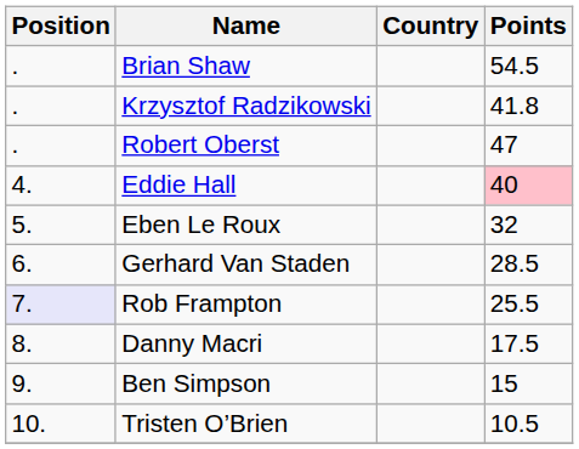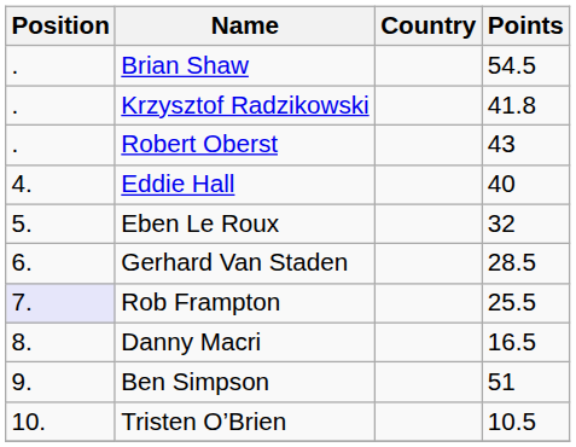 <table class="wikitable" style="display: inline-table">
 <tr>
 <th>Position</th>
 <th>Name</th>
 <th>Country</th>
 <th>Points</th>
 </tr>
 <tr>
 <td>.</td>
 <td><a href='#'>Brian Shaw</a></td>
 <td></td>
 <td>54.5</td>
 </tr>
 <tr>
 <td>.</td>
 <td><a href='#'>Krzysztof Radzikowski</a></td>
 <td></td>
 <td>41.8</td>
 </tr>
 <tr>
 <td>.</td>
 <td><a href='#'>Robert Oberst</a></td>
 <td></td>
-<td>47</td>
+<td>43</td>
 </tr>
 <tr>
 <td>4.</td>
 <td><a href='#'>Eddie Hall</a></td>
 <td></td>
-<td style="background: pink;">40</td>
+<td>40</td>
 </tr>
 <tr>
 <td>5.</td>
 <td>Eben Le Roux</td>
 <td></td>
 <td>32</td>
 </tr>
 <tr>
 <td>6.</td>
 <td>Gerhard Van Staden</td>
 <td></td>
 <td>28.5</td>
 </tr>
 <tr>
 <td style="background: lavender;">7.</td>
 <td>Rob Frampton</td>
 <td></td>
 <td>25.5</td>
 </tr>
 <tr>
 <td>8.</td>
 <td>Danny Macri</td>
 <td></td>
-<td>17.5</td>
+<td>16.5</td>
 </tr>
 <tr>
 <td>9.</td>
 <td>Ben Simpson</td>
 <td></td>
-<td>15</td>
+<td>51</td>
 </tr>
 <tr>
 <td>10.</td>
 <td>Tristen O’Brien</td>
 <td></td>
 <td>10.5</td>
 </tr>
 <tr>
 </tr>
 </table>
